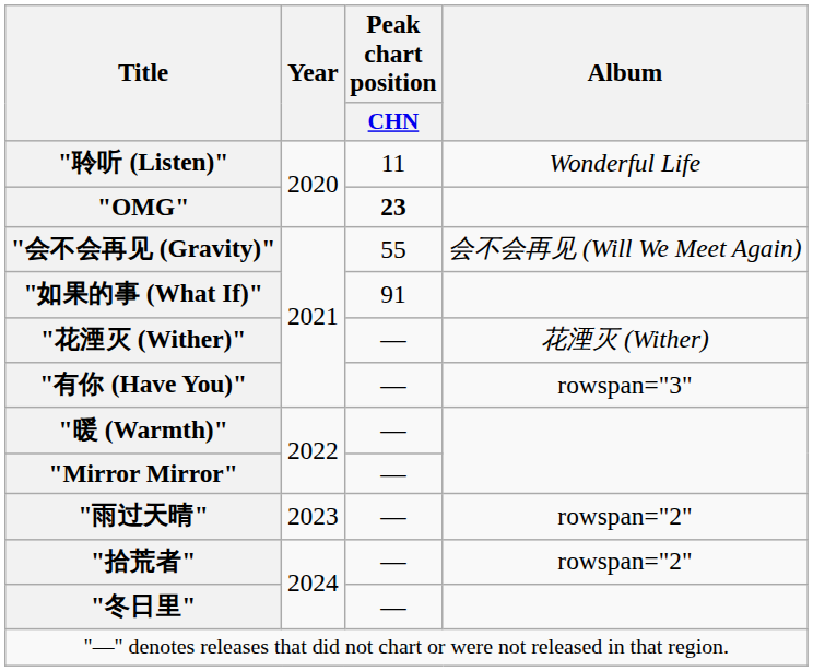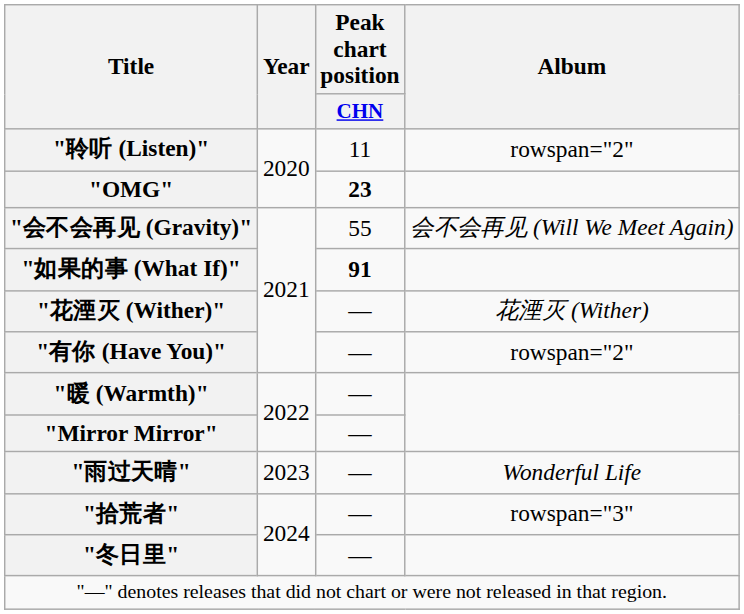 <table class="wikitable plainrowheaders" style="text-align:center">
 <tr>
 <th rowspan="2" scope="col">Title</th>
 <th rowspan="2" scope="col">Year</th>
 <th scope="col">Peak chart position</th>
 <th rowspan="2" scope="col">Album</th>
 </tr>
 <tr>
 <th scope="col" style="font-size:90%; width:3em"><a href='#'>CHN</a><br></th>
 </tr>
 <tr>
 <th scope="row">"聆听 (Listen)"</th>
 <td rowspan="2">2020</td>
 <td>11</td>
-<td><em>Wonderful Life</em></td>
+<td>rowspan="2" </td>
 </tr>
 <tr>
 <th scope="row">"OMG"</th>
 <td><strong>23</strong></td>
 </tr>
 <tr>
 <th scope="row">"会不会再见 (Gravity)"</th>
 <td rowspan="4">2021</td>
 <td>55</td>
 <td><em>会不会再见 (Will We Meet Again)</em></td>
 </tr>
 <tr>
 <th scope="row">"如果的事 (What If)"</th>
-<td>91</td>
+<td><strong>91</strong></td>
 <td></td>
 </tr>
 <tr>
 <th scope="row">"花湮灭 (Wither)"</th>
 <td>—</td>
 <td><em>花湮灭 (Wither)</em></td>
 </tr>
 <tr>
 <th scope="row">"有你 (Have You)"</th>
 <td>—</td>
-<td>rowspan="3" </td>
+<td>rowspan="2" </td>
 </tr>
 <tr>
 <th scope="row">"暖 (Warmth)"</th>
 <td rowspan="2">2022</td>
 <td>—</td>
 </tr>
 <tr>
 <th scope="row">"Mirror Mirror"</th>
 <td>—</td>
 </tr>
 <tr>
 <th scope="row">"雨过天晴"</th>
 <td>2023</td>
 <td>—</td>
-<td>rowspan="2" </td>
+<td><em>Wonderful Life</em></td>
 </tr>
 <tr>
 <th scope="row">"拾荒者"</th>
 <td rowspan="2">2024</td>
 <td>—</td>
-<td>rowspan="2" </td>
+<td>rowspan="3" </td>
 </tr>
 <tr>
 <th scope="row">"冬日里"</th>
 <td>—</td>
 </tr>
 <tr>
 <td colspan="4" style="font-size:85%">"—" denotes releases that did not chart or were not released in that region.</td>
 </tr>
 </table>
